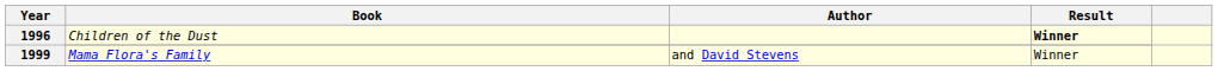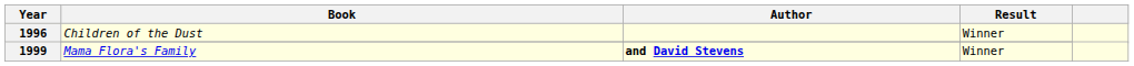 <table class="wikitable sortable mw-collapsible" style="width:100%;">
 <tr style="background:#bebebe;">
 <th scope="col"  width="5%">Year</th>
 <th scope="col"  width="50%">Book</th>
 <th scope="col"  width="30%">Author</th>
 <th scope="col" width="10%">Result</th>
 <th scope="col"  width="5%"></th>
 </tr>
 <tr style="background:lightyellow">
 <th>1996</th>
 <td><em>Children of the Dust</em></td>
 <td></td>
-<td><strong>Winner</strong></td>
+<td>Winner</td>
 <td rowspan="2"></td>
 </tr>
 <tr>
 <th rowspan="2">1999</th>
 </tr>
 <tr style="background:lightyellow">
 <td><em><a href='#'>Mama Flora's Family</a></em></td>
-<td> and <a href='#'>David Stevens</a></td>
+<td><strong> and <a href='#'>David Stevens</a></strong></td>
 <td>Winner</td>
 <td rowspan="2"></td>
 </tr>
 </table>
